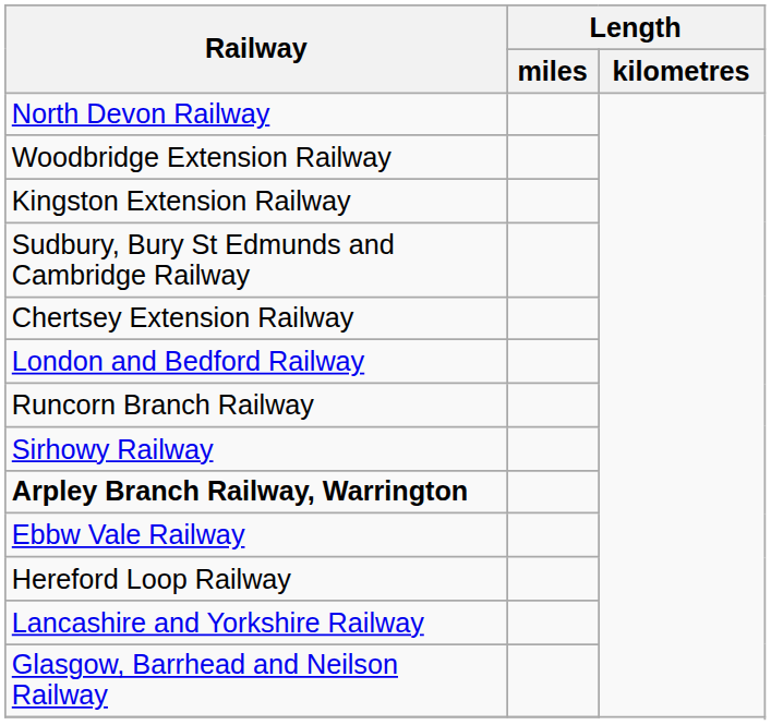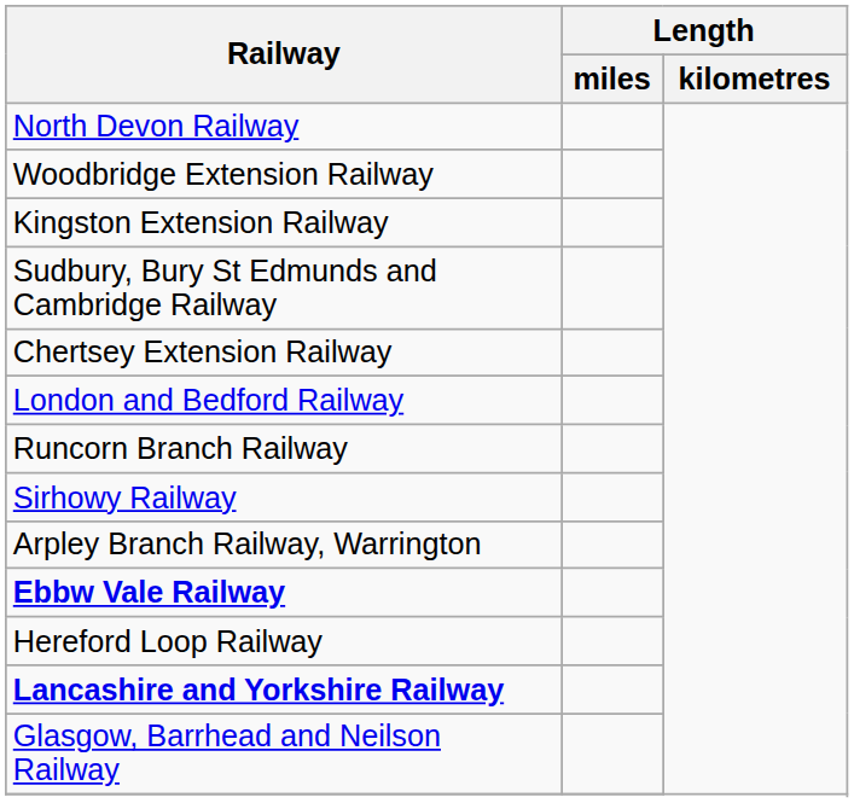 <table class="wikitable" style="font-size: 90%;">
 <tr>
 <th rowspan=2 style="width:256px">Railway</th>
 <th colspan=2 style="width:128px">Length</th>
 </tr>
 <tr>
 <th>miles</th>
 <th>kilometres</th>
 </tr>
 <tr>
 <td><a href='#'>North Devon Railway</a></td>
 <td></td>
 </tr>
 <tr>
 <td>Woodbridge Extension Railway</td>
 <td></td>
 </tr>
 <tr>
 <td>Kingston Extension Railway</td>
 <td></td>
 </tr>
 <tr>
 <td>Sudbury, Bury St Edmunds and Cambridge Railway</td>
 <td></td>
 </tr>
 <tr>
 <td>Chertsey Extension Railway</td>
 <td></td>
 </tr>
 <tr>
 <td><a href='#'>London and Bedford Railway</a></td>
 <td></td>
 </tr>
 <tr>
 <td>Runcorn Branch Railway</td>
 <td></td>
 </tr>
 <tr>
 <td><a href='#'>Sirhowy Railway</a></td>
 <td></td>
 </tr>
 <tr>
-<td><strong>Arpley Branch Railway, Warrington</strong></td>
+<td>Arpley Branch Railway, Warrington</td>
 <td></td>
 </tr>
 <tr>
-<td><a href='#'>Ebbw Vale Railway</a></td>
+<td><strong><a href='#'>Ebbw Vale Railway</a></strong></td>
 <td></td>
 </tr>
 <tr>
 <td>Hereford Loop Railway</td>
 <td></td>
 </tr>
 <tr>
-<td><a href='#'>Lancashire and Yorkshire Railway</a></td>
+<td><strong><a href='#'>Lancashire and Yorkshire Railway</a></strong></td>
 <td></td>
 </tr>
 <tr>
 <td><a href='#'>Glasgow, Barrhead and Neilson Railway</a></td>
 <td></td>
 </tr>
 <tr>
 </tr>
 </table>
